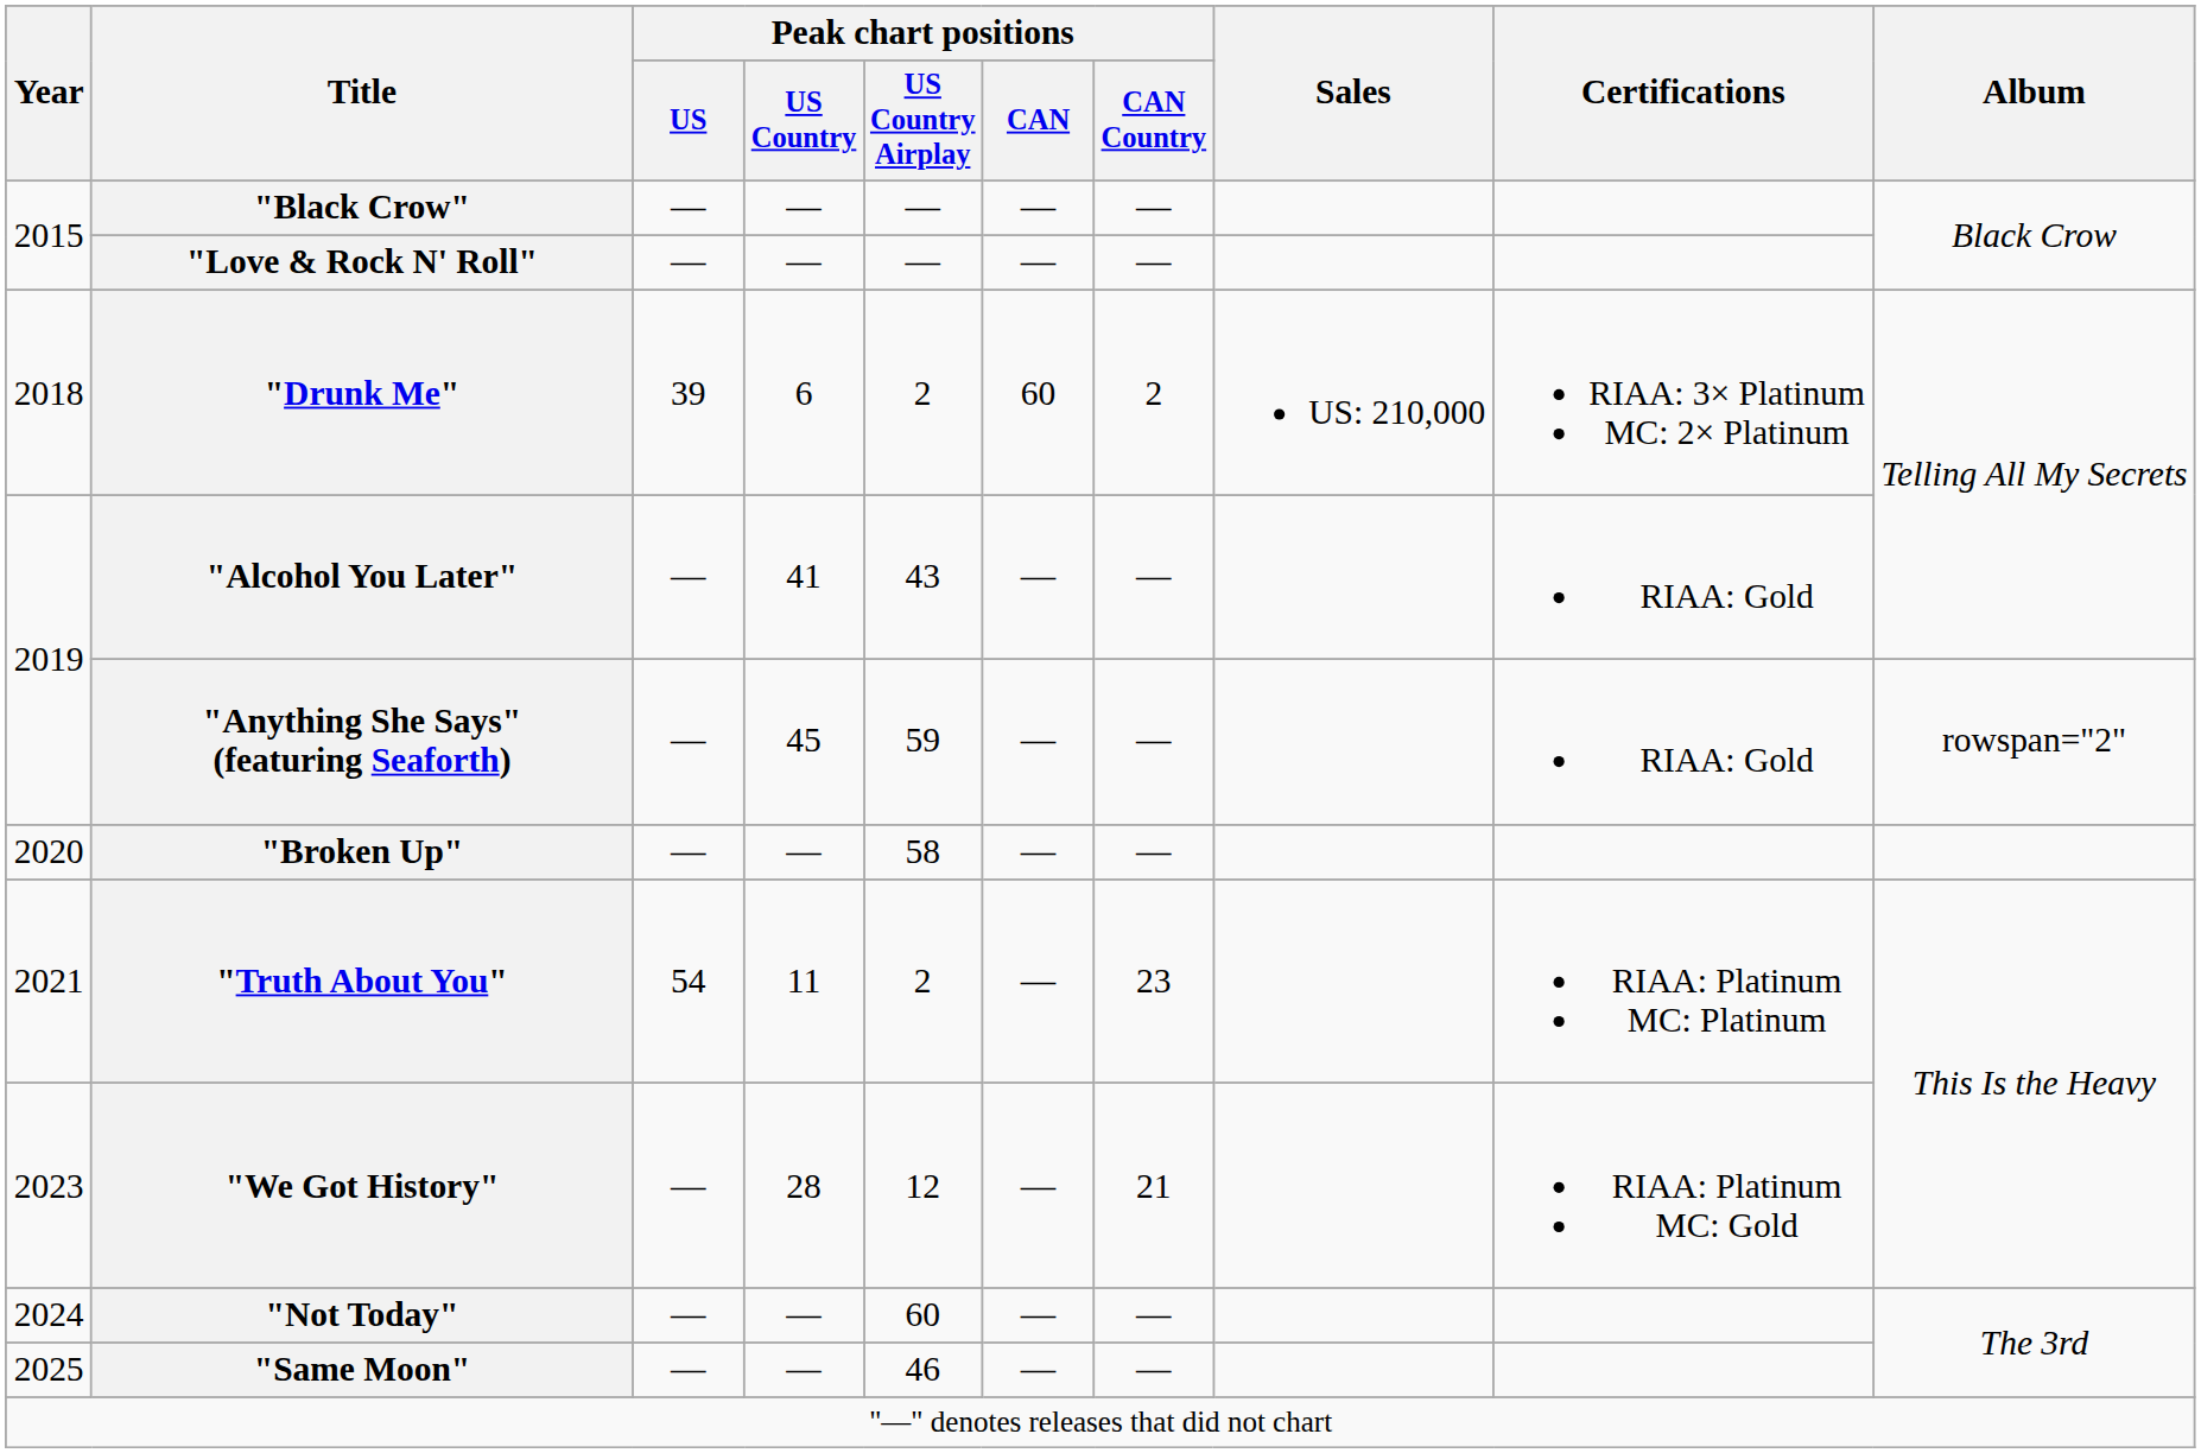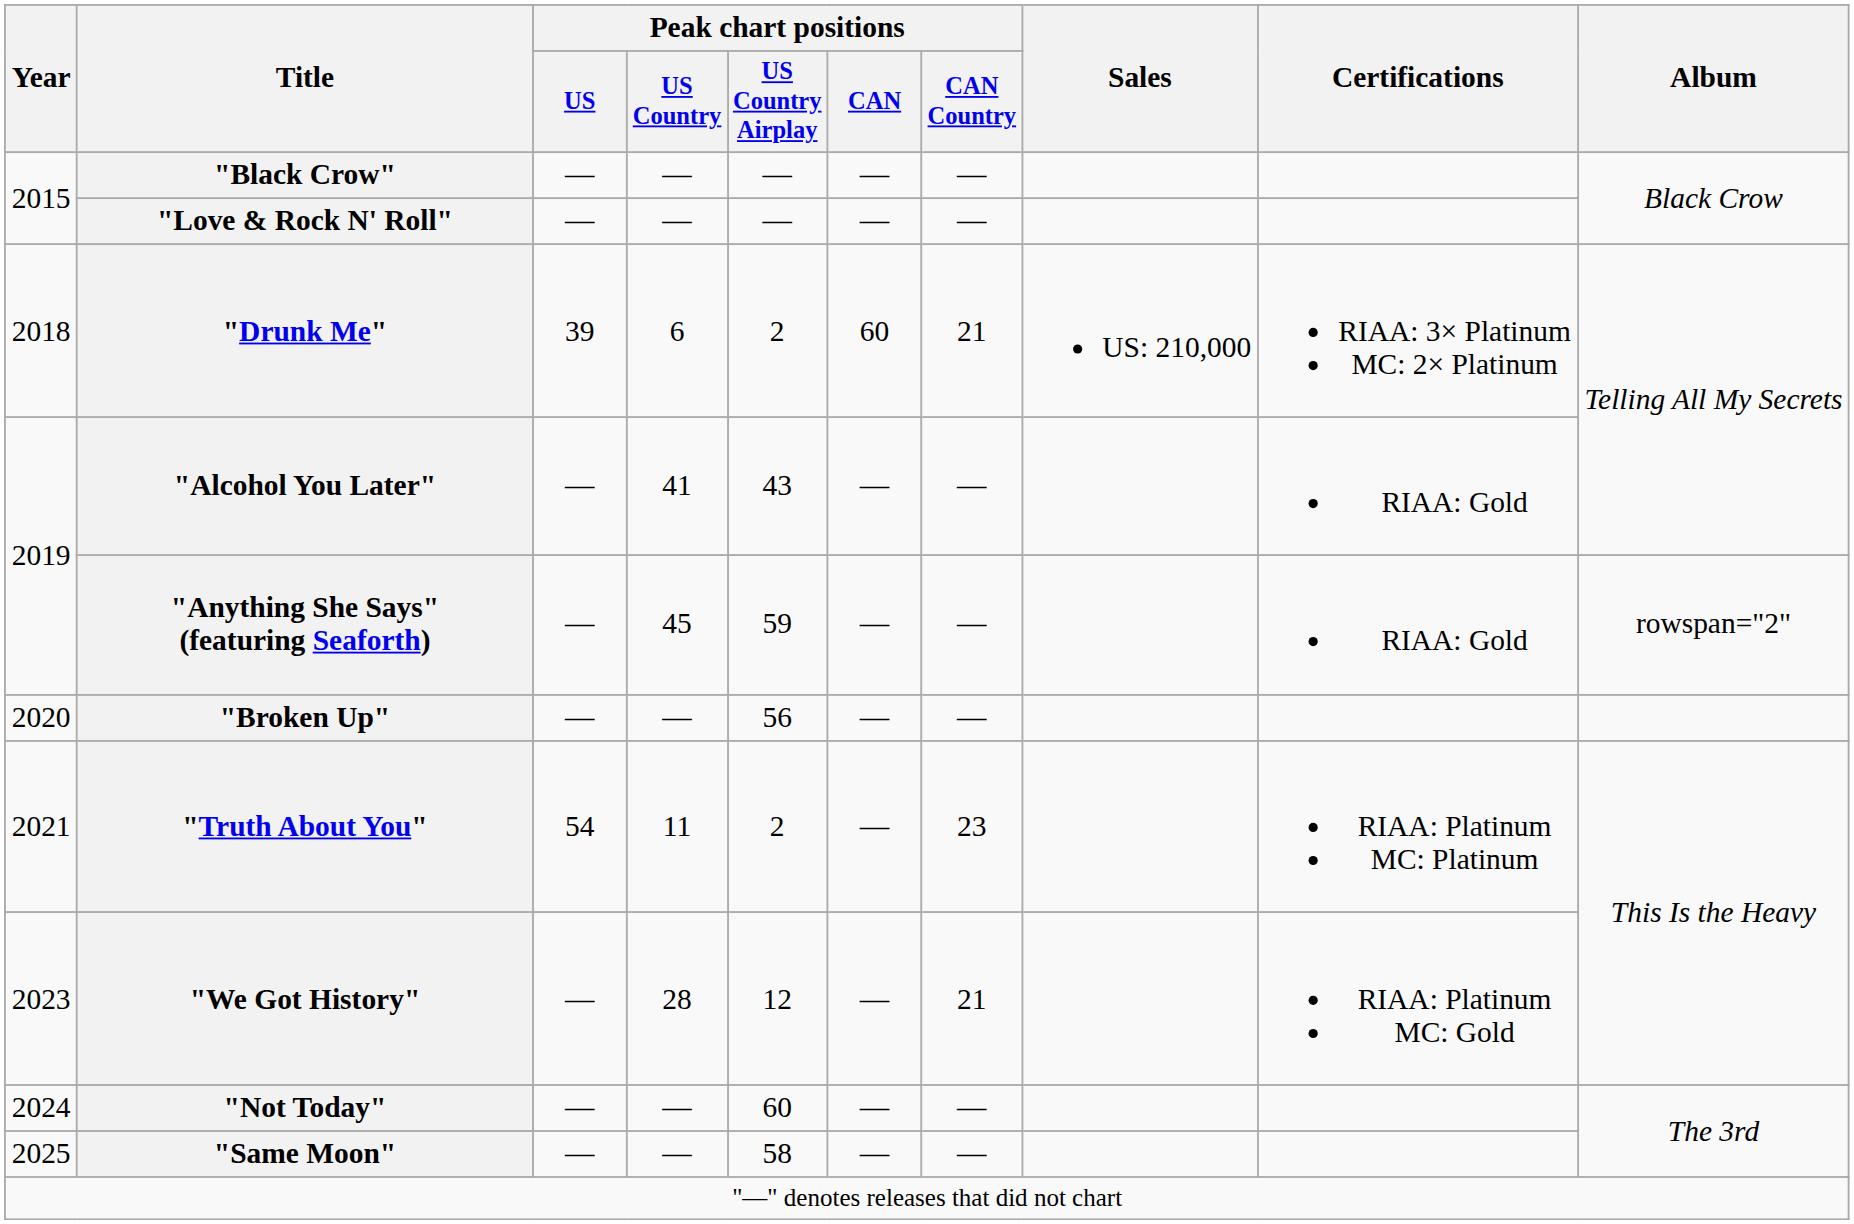 <table class="wikitable plainrowheaders" style="text-align:center;">
 <tr>
 <th scope="col" rowspan="2">Year</th>
 <th scope="col" rowspan="2" style="width:15em;">Title</th>
 <th scope="col" colspan="5">Peak chart positions</th>
 <th scope="col" rowspan="2">Sales</th>
 <th scope="col" rowspan="2">Certifications</th>
 <th scope="col" rowspan="2">Album</th>
 </tr>
 <tr style="font-size:smaller;">
 <th scope="col" style="width:45px;"><a href='#'>US</a><br></th>
 <th scope="col" style="width:45px;"><a href='#'>US Country</a><br></th>
 <th scope="col" style="width:45px;"><a href='#'>US Country Airplay</a><br></th>
 <th scope="col" style="width:45px;"><a href='#'>CAN</a><br></th>
 <th scope="col" style="width:45px;"><a href='#'>CAN Country</a><br></th>
 </tr>
 <tr>
 <td rowspan="2">2015</td>
 <th scope="row">"Black Crow"</th>
 <td>—</td>
 <td>―</td>
 <td>―</td>
 <td>―</td>
 <td>―</td>
 <td></td>
 <td></td>
 <td rowspan="2"><em>Black Crow</em></td>
 </tr>
 <tr>
 <th scope="row">"Love & Rock N' Roll"</th>
 <td>—</td>
 <td>―</td>
 <td>―</td>
 <td>―</td>
 <td>―</td>
 <td></td>
 <td></td>
 </tr>
 <tr>
 <td>2018</td>
 <th scope="row">"<a href='#'>Drunk Me</a>"</th>
 <td>39</td>
 <td>6</td>
 <td>2</td>
 <td>60</td>
-<td>2</td>
+<td>21</td>
 <td><br><ul><li>US: 210,000</li></ul></td>
 <td><br><ul><li>RIAA: 3× Platinum</li><li>MC: 2× Platinum</li></ul></td>
 <td rowspan=2><em>Telling All My Secrets</em></td>
 </tr>
 <tr>
 <td rowspan="2">2019</td>
 <th scope="row">"Alcohol You Later"</th>
 <td>—</td>
 <td>41</td>
 <td>43</td>
 <td>―</td>
 <td>―</td>
 <td></td>
 <td><br><ul><li>RIAA: Gold</li></ul></td>
 </tr>
 <tr>
 <th scope="row">"Anything She Says" <br><span>(featuring <a href='#'>Seaforth</a>)</span></th>
 <td>—</td>
 <td>45</td>
 <td>59</td>
 <td>―</td>
 <td>―</td>
 <td></td>
 <td><br><ul><li>RIAA: Gold</li></ul></td>
 <td>rowspan="2" </td>
 </tr>
 <tr>
 <td>2020</td>
 <th scope="row">"Broken Up"</th>
 <td>—</td>
 <td>—</td>
-<td>58</td>
+<td>56</td>
 <td>—</td>
 <td>—</td>
 <td></td>
 <td></td>
 </tr>
 <tr>
 <td>2021</td>
 <th scope="row">"<a href='#'>Truth About You</a>"</th>
 <td>54</td>
 <td>11</td>
 <td>2</td>
 <td>―</td>
 <td>23</td>
 <td></td>
 <td><br><ul><li>RIAA: Platinum</li><li>MC: Platinum</li></ul></td>
 <td rowspan="2"><em>This Is the Heavy</em></td>
 </tr>
 <tr>
 <td>2023</td>
 <th scope="row">"We Got History"</th>
 <td>—</td>
 <td>28</td>
 <td>12</td>
 <td>―</td>
 <td>21</td>
 <td></td>
 <td><br><ul><li>RIAA: Platinum</li><li>MC: Gold</li></ul></td>
 </tr>
 <tr>
 <td>2024</td>
 <th scope="row">"Not Today"</th>
 <td>—</td>
 <td>—</td>
 <td>60</td>
 <td>―</td>
 <td>―</td>
 <td></td>
 <td></td>
 <td rowspan="2"><em>The 3rd</em></td>
 </tr>
 <tr>
 <td>2025</td>
 <th scope="row">"Same Moon"</th>
 <td>—</td>
 <td>―</td>
-<td>46</td>
+<td>58</td>
 <td>―</td>
 <td>―</td>
 <td></td>
 <td></td>
 </tr>
 <tr>
 <td colspan="10" style="font-size:85%">"—" denotes releases that did not chart</td>
 </tr>
 </table>
